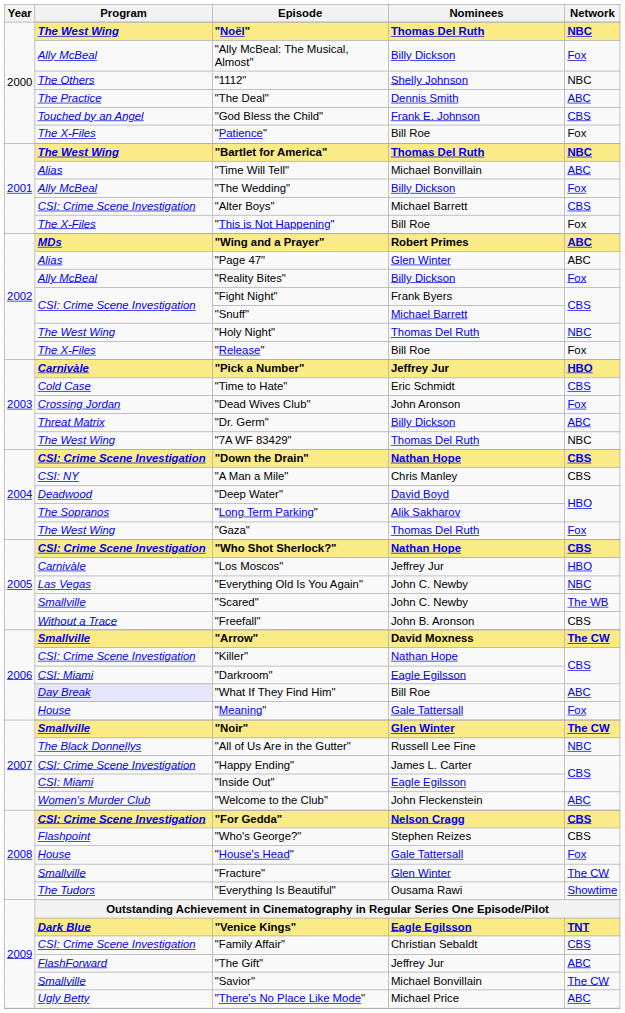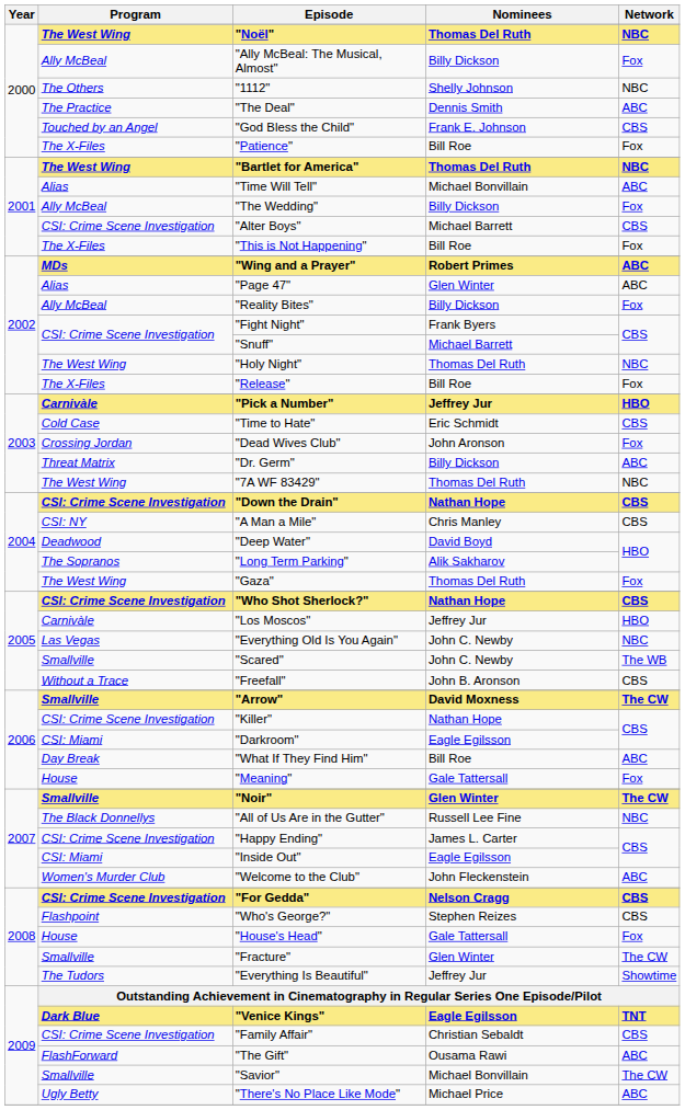 <table class="wikitable">
 <tr>
 <th width="5%">Year</th>
 <th width="30%">Program</th>
 <th width="30%">Episode</th>
 <th width="30%">Nominees</th>
 <th width="5%">Network</th>
 </tr>
 <tr>
 <td rowspan="7" style="text-align:center;">2000<br></td>
 </tr>
 <tr style="background:#FAEB86;">
 <td><strong><em><a href='#'>The West Wing</a></em></strong></td>
 <td><strong>"<a href='#'>Noël</a>"</strong></td>
 <td><strong><a href='#'>Thomas Del Ruth</a></strong></td>
 <td><strong><a href='#'>NBC</a></strong></td>
 </tr>
 <tr>
 <td><em><a href='#'>Ally McBeal</a></em></td>
 <td>"Ally McBeal: The Musical, Almost"</td>
 <td><a href='#'>Billy Dickson</a></td>
 <td><a href='#'>Fox</a></td>
 </tr>
 <tr>
 <td><em><a href='#'>The Others</a></em></td>
 <td>"1112"</td>
 <td><a href='#'>Shelly Johnson</a></td>
 <td>NBC</td>
 </tr>
 <tr>
 <td><em><a href='#'>The Practice</a></em></td>
 <td>"The Deal"</td>
 <td><a href='#'>Dennis Smith</a></td>
 <td><a href='#'>ABC</a></td>
 </tr>
 <tr>
 <td><em><a href='#'>Touched by an Angel</a></em></td>
 <td>"God Bless the Child"</td>
 <td><a href='#'>Frank E. Johnson</a></td>
 <td><a href='#'>CBS</a></td>
 </tr>
 <tr>
 <td><em><a href='#'>The X-Files</a></em></td>
 <td>"<a href='#'>Patience</a>"</td>
 <td>Bill Roe</td>
 <td>Fox</td>
 </tr>
 <tr>
 <td rowspan="6" style="text-align:center;"><a href='#'>2001</a><br></td>
 </tr>
 <tr style="background:#FAEB86;">
 <td><strong><em><a href='#'>The West Wing</a></em></strong></td>
 <td><strong>"Bartlet for America"</strong></td>
 <td><strong><a href='#'>Thomas Del Ruth</a></strong></td>
 <td><strong><a href='#'>NBC</a></strong></td>
 </tr>
 <tr>
 <td><em><a href='#'>Alias</a></em></td>
 <td>"Time Will Tell"</td>
 <td>Michael Bonvillain</td>
 <td><a href='#'>ABC</a></td>
 </tr>
 <tr>
 <td><em><a href='#'>Ally McBeal</a></em></td>
 <td>"The Wedding"</td>
 <td><a href='#'>Billy Dickson</a></td>
 <td><a href='#'>Fox</a></td>
 </tr>
 <tr>
 <td><em><a href='#'>CSI: Crime Scene Investigation</a></em></td>
 <td>"Alter Boys"</td>
 <td>Michael Barrett</td>
 <td><a href='#'>CBS</a></td>
 </tr>
 <tr>
 <td><em><a href='#'>The X-Files</a></em></td>
 <td>"<a href='#'>This is Not Happening</a>"</td>
 <td>Bill Roe</td>
 <td>Fox</td>
 </tr>
 <tr>
 <td rowspan="8" style="text-align:center;"><a href='#'>2002</a><br></td>
 </tr>
 <tr style="background:#FAEB86;">
 <td><strong><em><a href='#'>MDs</a></em></strong></td>
 <td><strong>"Wing and a Prayer"</strong></td>
 <td><strong>Robert Primes</strong></td>
 <td><strong><a href='#'>ABC</a></strong></td>
 </tr>
 <tr>
 <td><em><a href='#'>Alias</a></em></td>
 <td>"Page 47"</td>
 <td><a href='#'>Glen Winter</a></td>
 <td>ABC</td>
 </tr>
 <tr>
 <td><em><a href='#'>Ally McBeal</a></em></td>
 <td>"Reality Bites"</td>
 <td><a href='#'>Billy Dickson</a></td>
 <td><a href='#'>Fox</a></td>
 </tr>
 <tr>
 <td rowspan=2><em><a href='#'>CSI: Crime Scene Investigation</a></em></td>
 <td>"Fight Night"</td>
 <td>Frank Byers</td>
 <td rowspan=2><a href='#'>CBS</a></td>
 </tr>
 <tr>
 <td>"Snuff"</td>
 <td><a href='#'>Michael Barrett</a></td>
 </tr>
 <tr>
 <td><em><a href='#'>The West Wing</a></em></td>
 <td>"Holy Night"</td>
 <td><a href='#'>Thomas Del Ruth</a></td>
 <td><a href='#'>NBC</a></td>
 </tr>
 <tr>
 <td><em><a href='#'>The X-Files</a></em></td>
 <td>"<a href='#'>Release</a>"</td>
 <td>Bill Roe</td>
 <td>Fox</td>
 </tr>
 <tr>
 <td rowspan="6" style="text-align:center;"><a href='#'>2003</a><br></td>
 </tr>
 <tr style="background:#FAEB86;">
 <td><strong><em><a href='#'>Carnivàle</a></em></strong></td>
 <td><strong>"Pick a Number"</strong></td>
 <td><strong>Jeffrey Jur</strong></td>
 <td><strong><a href='#'>HBO</a></strong></td>
 </tr>
 <tr>
 <td><em><a href='#'>Cold Case</a></em></td>
 <td>"Time to Hate"</td>
 <td>Eric Schmidt</td>
 <td><a href='#'>CBS</a></td>
 </tr>
 <tr>
 <td><em><a href='#'>Crossing Jordan</a></em></td>
 <td>"Dead Wives Club"</td>
 <td>John Aronson</td>
 <td><a href='#'>Fox</a></td>
 </tr>
 <tr>
 <td><em><a href='#'>Threat Matrix</a></em></td>
 <td>"Dr. Germ"</td>
 <td><a href='#'>Billy Dickson</a></td>
 <td><a href='#'>ABC</a></td>
 </tr>
 <tr>
 <td><em><a href='#'>The West Wing</a></em></td>
 <td>"7A WF 83429"</td>
 <td><a href='#'>Thomas Del Ruth</a></td>
 <td>NBC</td>
 </tr>
 <tr>
 <td rowspan="6" style="text-align:center;"><a href='#'>2004</a><br></td>
 </tr>
 <tr style="background:#FAEB86;">
 <td><strong><em><a href='#'>CSI: Crime Scene Investigation</a></em></strong></td>
 <td><strong>"Down the Drain"</strong></td>
 <td><strong><a href='#'>Nathan Hope</a></strong></td>
 <td><strong><a href='#'>CBS</a></strong></td>
 </tr>
 <tr>
 <td><em><a href='#'>CSI: NY</a></em></td>
 <td>"A Man a Mile"</td>
 <td>Chris Manley</td>
 <td>CBS</td>
 </tr>
 <tr>
 <td><em><a href='#'>Deadwood</a></em></td>
 <td>"Deep Water"</td>
 <td><a href='#'>David Boyd</a></td>
 <td rowspan=2><a href='#'>HBO</a></td>
 </tr>
 <tr>
 <td><em><a href='#'>The Sopranos</a></em></td>
 <td>"<a href='#'>Long Term Parking</a>"</td>
 <td><a href='#'>Alik Sakharov</a></td>
 </tr>
 <tr>
 <td><em><a href='#'>The West Wing</a></em></td>
 <td>"Gaza"</td>
 <td><a href='#'>Thomas Del Ruth</a></td>
 <td><a href='#'>Fox</a></td>
 </tr>
 <tr>
 <td rowspan="6" style="text-align:center;"><a href='#'>2005</a><br></td>
 </tr>
 <tr style="background:#FAEB86;">
 <td><strong><em><a href='#'>CSI: Crime Scene Investigation</a></em></strong></td>
 <td><strong>"Who Shot Sherlock?"</strong></td>
 <td><strong><a href='#'>Nathan Hope</a></strong></td>
 <td><strong><a href='#'>CBS</a></strong></td>
 </tr>
 <tr>
 <td><em><a href='#'>Carnivàle</a></em></td>
 <td>"Los Moscos"</td>
 <td>Jeffrey Jur</td>
 <td><a href='#'>HBO</a></td>
 </tr>
 <tr>
 <td><em><a href='#'>Las Vegas</a></em></td>
 <td>"Everything Old Is You Again"</td>
 <td>John C. Newby</td>
 <td><a href='#'>NBC</a></td>
 </tr>
 <tr>
 <td><em><a href='#'>Smallville</a></em></td>
 <td>"Scared"</td>
 <td>John C. Newby</td>
 <td><a href='#'>The WB</a></td>
 </tr>
 <tr>
 <td><em><a href='#'>Without a Trace</a></em></td>
 <td>"Freefall"</td>
 <td>John B. Aronson</td>
 <td>CBS</td>
 </tr>
 <tr>
 <td rowspan="6" style="text-align:center;"><a href='#'>2006</a><br></td>
 </tr>
 <tr style="background:#FAEB86;">
 <td><strong><em><a href='#'>Smallville</a></em></strong></td>
 <td><strong>"Arrow"</strong></td>
 <td><strong>David Moxness</strong></td>
 <td><strong><a href='#'>The CW</a></strong></td>
 </tr>
 <tr>
 <td><em><a href='#'>CSI: Crime Scene Investigation</a></em></td>
 <td>"Killer"</td>
 <td><a href='#'>Nathan Hope</a></td>
 <td rowspan=2><a href='#'>CBS</a></td>
 </tr>
 <tr>
 <td><em><a href='#'>CSI: Miami</a></em></td>
 <td>"Darkroom"</td>
 <td><a href='#'>Eagle Egilsson</a></td>
 </tr>
 <tr>
-<td style="background: lavender;"><em><a href='#'>Day Break</a></em></td>
+<td><em><a href='#'>Day Break</a></em></td>
 <td>"What If They Find Him"</td>
 <td>Bill Roe</td>
 <td><a href='#'>ABC</a></td>
 </tr>
 <tr>
 <td><em><a href='#'>House</a></em></td>
 <td>"<a href='#'>Meaning</a>"</td>
 <td><a href='#'>Gale Tattersall</a></td>
 <td><a href='#'>Fox</a></td>
 </tr>
 <tr>
 <td rowspan="6" style="text-align:center;"><a href='#'>2007</a><br></td>
 </tr>
 <tr style="background:#FAEB86;">
 <td><strong><em><a href='#'>Smallville</a></em></strong></td>
 <td><strong>"Noir"</strong></td>
 <td><strong><a href='#'>Glen Winter</a></strong></td>
 <td><strong><a href='#'>The CW</a></strong></td>
 </tr>
 <tr>
 <td><em><a href='#'>The Black Donnellys</a></em></td>
 <td>"All of Us Are in the Gutter"</td>
 <td>Russell Lee Fine</td>
 <td><a href='#'>NBC</a></td>
 </tr>
 <tr>
 <td><em><a href='#'>CSI: Crime Scene Investigation</a></em></td>
 <td>"Happy Ending"</td>
 <td>James L. Carter</td>
 <td rowspan=2><a href='#'>CBS</a></td>
 </tr>
 <tr>
 <td><em><a href='#'>CSI: Miami</a></em></td>
 <td>"Inside Out"</td>
 <td><a href='#'>Eagle Egilsson</a></td>
 </tr>
 <tr>
 <td><em><a href='#'>Women's Murder Club</a></em></td>
 <td>"Welcome to the Club"</td>
 <td>John Fleckenstein</td>
 <td><a href='#'>ABC</a></td>
 </tr>
 <tr>
 <td rowspan="6" style="text-align:center;"><a href='#'>2008</a><br></td>
 </tr>
 <tr style="background:#FAEB86;">
 <td><strong><em><a href='#'>CSI: Crime Scene Investigation</a></em></strong></td>
 <td><strong>"For Gedda"</strong></td>
 <td><strong><a href='#'>Nelson Cragg</a></strong></td>
 <td><strong><a href='#'>CBS</a></strong></td>
 </tr>
 <tr>
 <td><em><a href='#'>Flashpoint</a></em></td>
 <td>"Who's George?"</td>
 <td>Stephen Reizes</td>
 <td>CBS</td>
 </tr>
 <tr>
 <td><em><a href='#'>House</a></em></td>
 <td>"<a href='#'>House's Head</a>"</td>
 <td><a href='#'>Gale Tattersall</a></td>
 <td><a href='#'>Fox</a></td>
 </tr>
 <tr>
 <td><em><a href='#'>Smallville</a></em></td>
 <td>"Fracture"</td>
 <td><a href='#'>Glen Winter</a></td>
 <td><a href='#'>The CW</a></td>
 </tr>
 <tr>
 <td><em><a href='#'>The Tudors</a></em></td>
 <td>"Everything Is Beautiful"</td>
-<td>Ousama Rawi</td>
+<td>Jeffrey Jur</td>
 <td><a href='#'>Showtime</a></td>
 </tr>
 <tr>
 <td rowspan="6" style="text-align:center;"><a href='#'>2009</a><br></td>
 <th colspan="4">Outstanding Achievement in Cinematography in Regular Series One Episode/Pilot</th>
 </tr>
 <tr style="background:#FAEB86;">
 <td><strong><em><a href='#'>Dark Blue</a></em></strong></td>
 <td><strong>"Venice Kings"</strong></td>
 <td><strong><a href='#'>Eagle Egilsson</a></strong></td>
 <td><strong><a href='#'>TNT</a></strong></td>
 </tr>
 <tr>
 <td><em><a href='#'>CSI: Crime Scene Investigation</a></em></td>
 <td>"Family Affair"</td>
 <td>Christian Sebaldt</td>
 <td><a href='#'>CBS</a></td>
 </tr>
 <tr>
 <td><em><a href='#'>FlashForward</a></em></td>
 <td>"The Gift"</td>
-<td>Jeffrey Jur</td>
+<td>Ousama Rawi</td>
 <td><a href='#'>ABC</a></td>
 </tr>
 <tr>
 <td><em><a href='#'>Smallville</a></em></td>
 <td>"Savior"</td>
 <td>Michael Bonvillain</td>
 <td><a href='#'>The CW</a></td>
 </tr>
 <tr>
 <td><em><a href='#'>Ugly Betty</a></em></td>
 <td>"<a href='#'>There's No Place Like Mode</a>"</td>
 <td>Michael Price</td>
 <td><a href='#'>ABC</a></td>
 </tr>
 <tr>
 </tr>
 </table>
